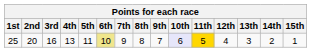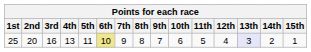 <table class="wikitable" style="font-size: 85%">
 <tr>
 <th colspan="16">Points for each race</th>
 </tr>
 <tr>
 <th>1st</th>
 <th>2nd</th>
 <th>3rd</th>
 <th>4th</th>
 <th>5th</th>
 <th>6th</th>
 <th>7th</th>
 <th>8th</th>
 <th>9th</th>
 <th>10th</th>
 <th>11th</th>
 <th>12th</th>
 <th>13th</th>
 <th>14th</th>
 <th>15th</th>
 </tr>
 <tr align="center">
 <td>25</td>
 <td>20</td>
 <td>16</td>
 <td>13</td>
 <td>11</td>
 <td style="background: khaki;">10</td>
 <td>9</td>
 <td>8</td>
 <td>7</td>
-<td style="background: lavender;">6</td>
-<td style="background: gold;">5</td>
+<td>6</td>
+<td>5</td>
 <td>4</td>
-<td>3</td>
+<td style="background: lavender;">3</td>
 <td>2</td>
 <td>1</td>
 </tr>
 </table>
